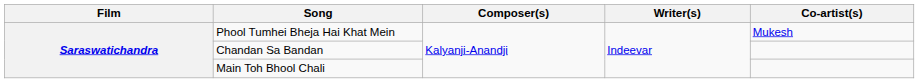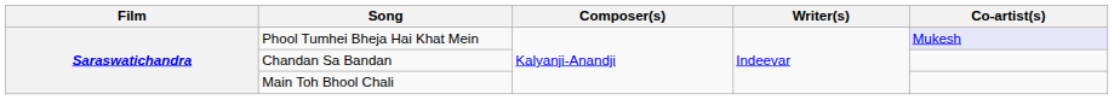 <table class="wikitable plainrowheaders" style="width:100%; textcolor:#000">
 <tr style="background:#b0e0e66;">
 <th scope="col" style="width:23%;"><strong>Film</strong></th>
 <th scope="col" style="width:23%;"><strong>Song</strong></th>
 <th scope="col" style="width:20%;"><strong>Composer(s)</strong></th>
 <th scope="col" style="width:16%;"><strong>Writer(s)</strong></th>
 <th scope="col" style="width:18%;"><strong>Co-artist(s)</strong></th>
 </tr>
 <tr>
 <th rowspan="3"><em><a href='#'>Saraswatichandra</a></em></th>
 <td>Phool Tumhei Bheja Hai Khat Mein</td>
 <td rowspan="3"><a href='#'>Kalyanji-Anandji</a></td>
 <td rowspan="3"><a href='#'>Indeevar</a></td>
-<td><a href='#'>Mukesh</a></td>
+<td style="background: lavender;"><a href='#'>Mukesh</a></td>
 </tr>
 <tr>
 <td>Chandan Sa Bandan</td>
 <td></td>
 </tr>
 <tr>
 <td>Main Toh Bhool Chali</td>
 <td></td>
 </tr>
 </table>
